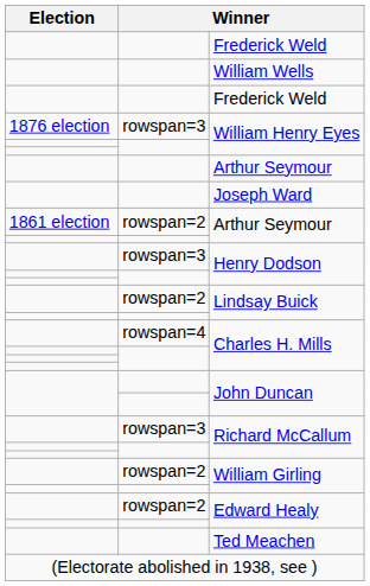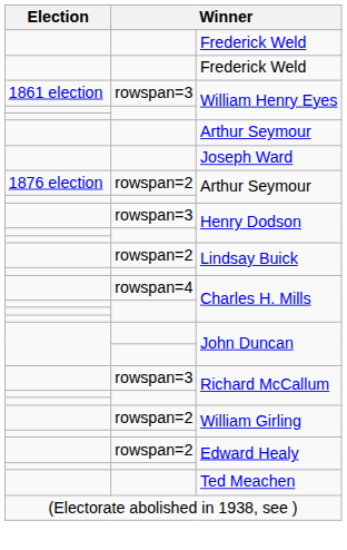 <table class=wikitable>
 <tr>
 <th width=100>Election</th>
 <th width=175 colspan=2>Winner</th>
 </tr>
 <tr>
 <td></td>
 <td></td>
 <td><a href='#'>Frederick Weld</a></td>
 </tr>
 <tr>
 <td></td>
 <td></td>
-<td><a href='#'>William Wells</a></td>
-</tr>
-<tr>
-<td></td>
-<td></td>
 <td>Frederick Weld</td>
 </tr>
 <tr>
-<td><a href='#'>1876 election</a></td>
+<td><a href='#'>1861 election</a></td>
 <td>rowspan=3 </td>
 <td rowspan=3><a href='#'>William Henry Eyes</a></td>
 </tr>
 <tr>
 <td></td>
 </tr>
 <tr>
 <td></td>
 </tr>
 <tr>
 <td></td>
 <td></td>
 <td><a href='#'>Arthur Seymour</a></td>
 </tr>
 <tr>
 <td></td>
 <td></td>
 <td><a href='#'>Joseph Ward</a></td>
 </tr>
 <tr>
-<td><a href='#'>1861 election</a></td>
+<td><a href='#'>1876 election</a></td>
 <td>rowspan=2 </td>
 <td rowspan=2>Arthur Seymour</td>
 </tr>
 <tr>
 <td></td>
 </tr>
 <tr>
 <td></td>
 <td>rowspan=3 </td>
 <td rowspan=3><a href='#'>Henry Dodson</a></td>
 </tr>
 <tr>
 <td></td>
 </tr>
 <tr>
 <td></td>
 </tr>
 <tr>
 <td></td>
 <td>rowspan=2 </td>
 <td rowspan=2><a href='#'>Lindsay Buick</a></td>
 </tr>
 <tr>
 <td></td>
 </tr>
 <tr>
 <td></td>
 <td>rowspan=4 </td>
 <td rowspan=4><a href='#'>Charles H. Mills</a></td>
 </tr>
 <tr>
 <td></td>
 </tr>
 <tr>
 <td></td>
 </tr>
 <tr>
 <td></td>
 </tr>
 <tr>
 <td height=36 rowspan=2></td>
 <td></td>
 <td rowspan=2><a href='#'>John Duncan</a></td>
 </tr>
 <tr>
 <td></td>
 </tr>
 <tr>
 <td></td>
 <td>rowspan=3 </td>
 <td rowspan=3><a href='#'>Richard McCallum</a></td>
 </tr>
 <tr>
 <td></td>
 </tr>
 <tr>
 <td></td>
 </tr>
 <tr>
 <td></td>
 <td>rowspan=2 </td>
 <td rowspan=2><a href='#'>William Girling</a></td>
 </tr>
 <tr>
 <td></td>
 </tr>
 <tr>
 <td></td>
 <td>rowspan=2 </td>
 <td rowspan=2><a href='#'>Edward Healy</a></td>
 </tr>
 <tr>
 <td></td>
 </tr>
 <tr>
 <td></td>
 <td></td>
 <td><a href='#'>Ted Meachen</a></td>
 </tr>
 <tr>
 <td colspan=3 align=center><span>(Electorate abolished in 1938, see )</span></td>
 </tr>
 </table>
